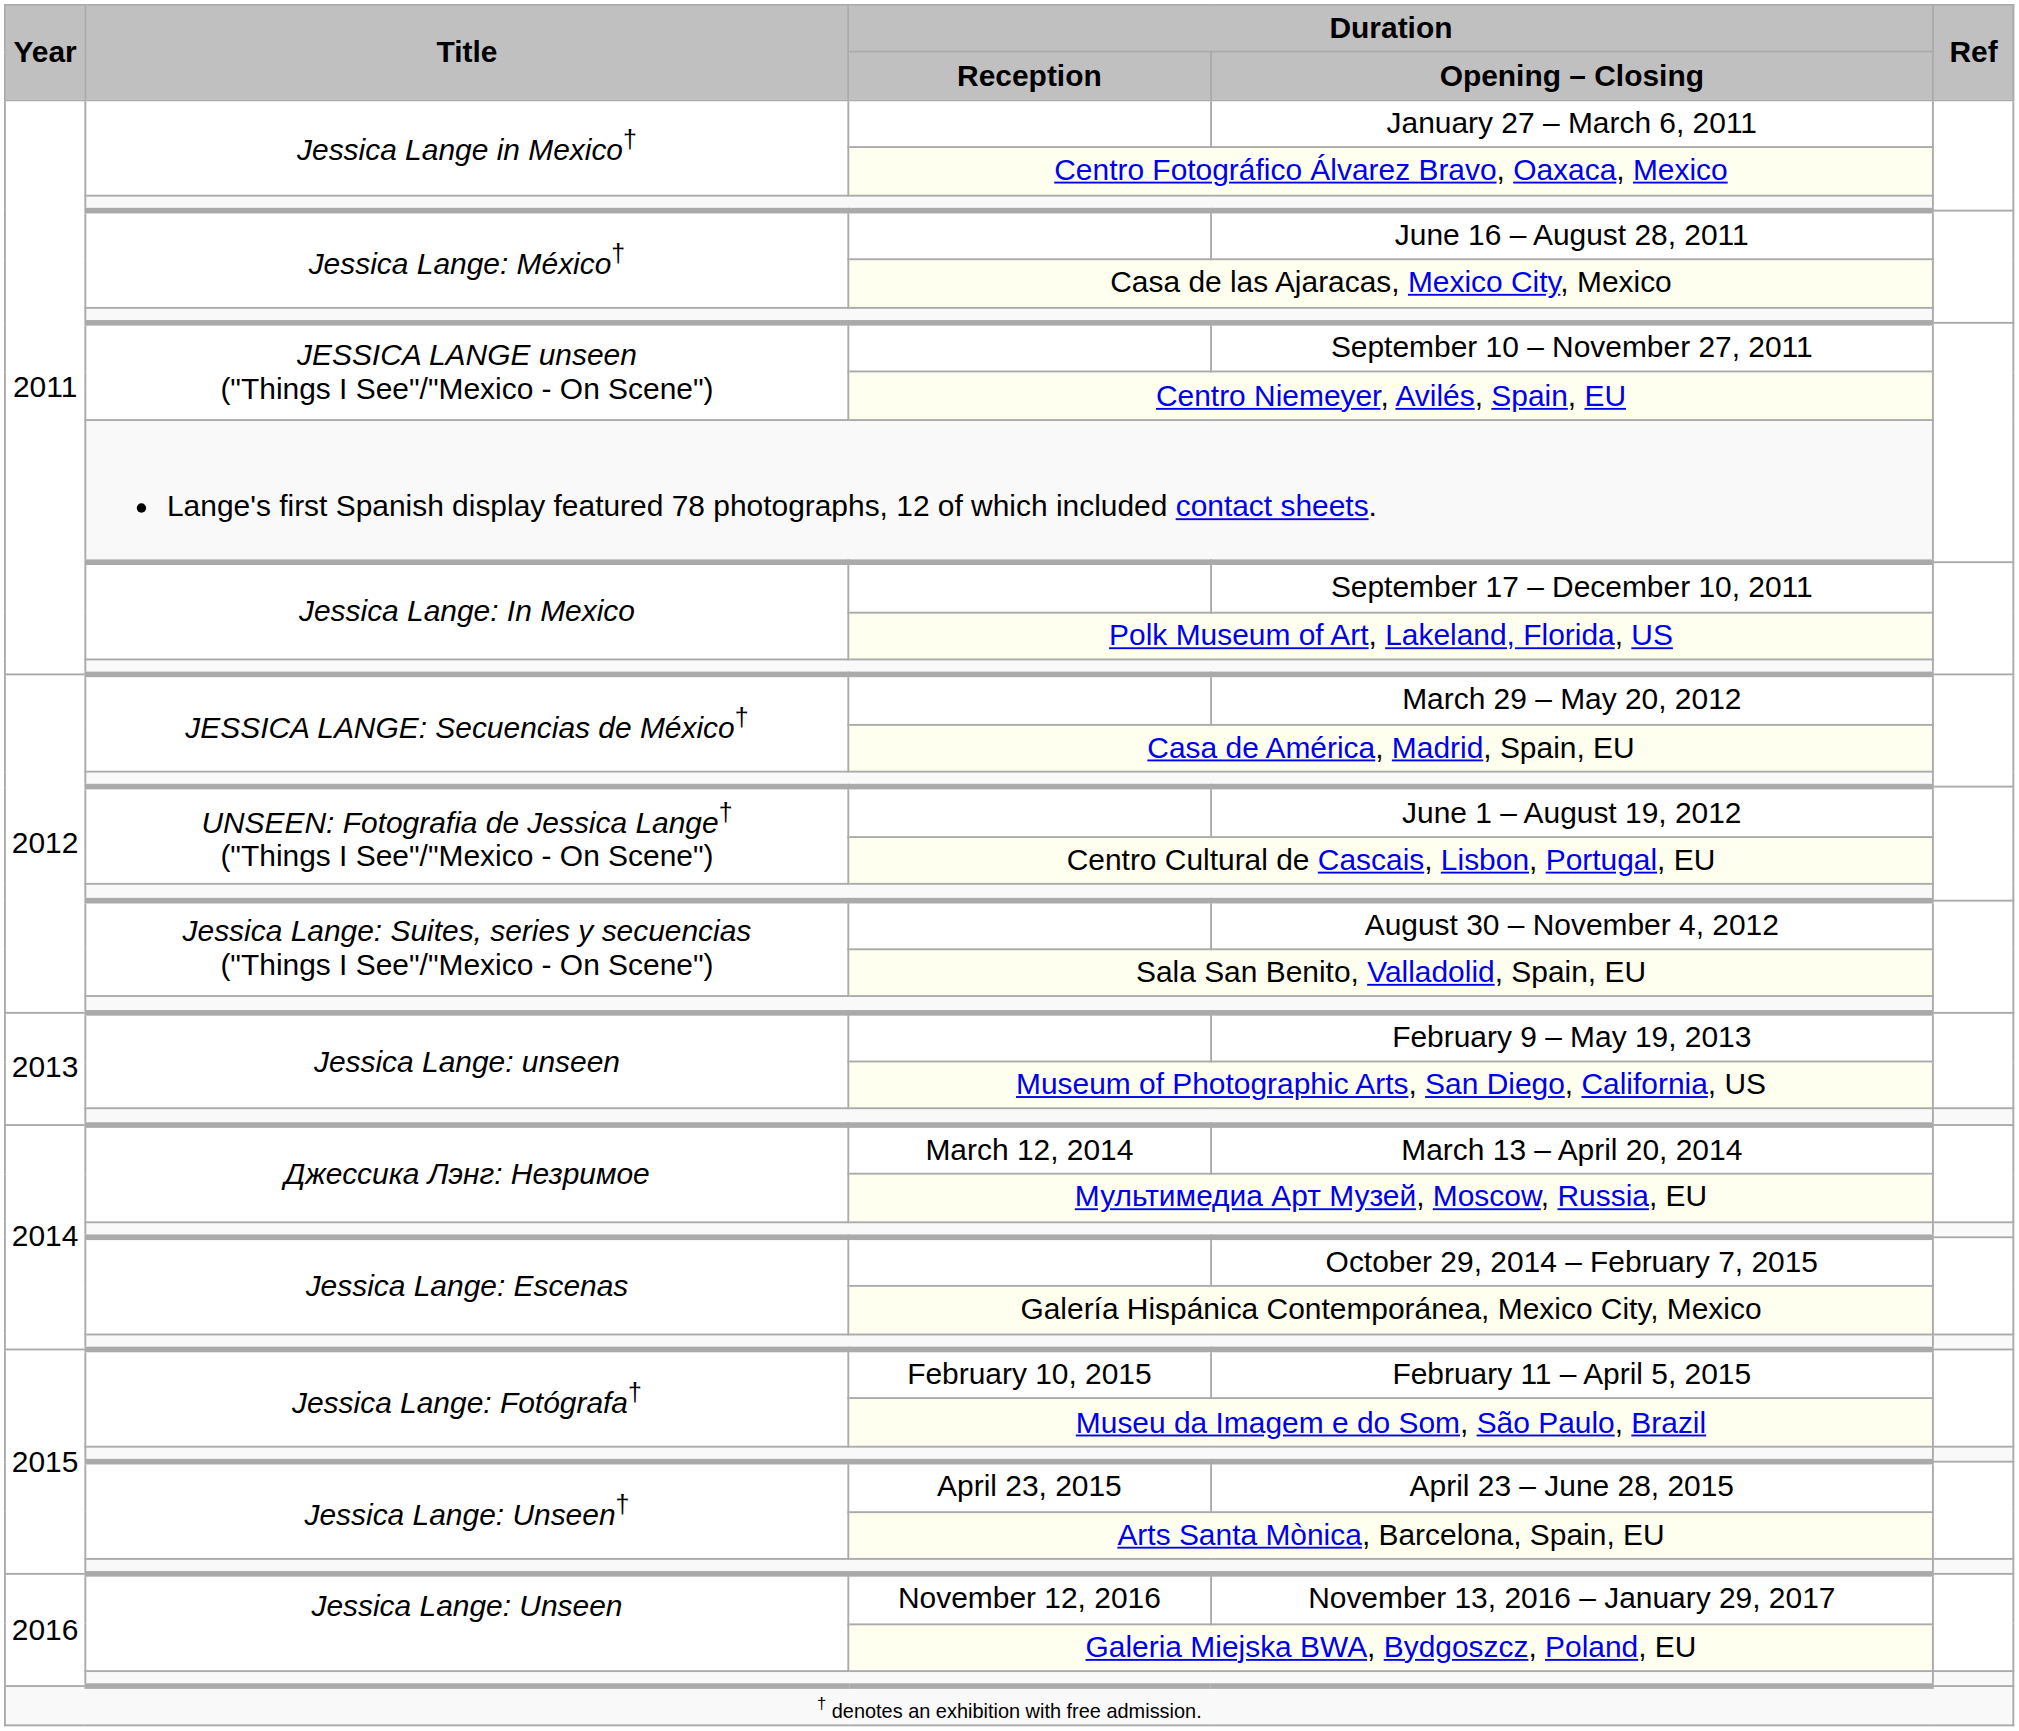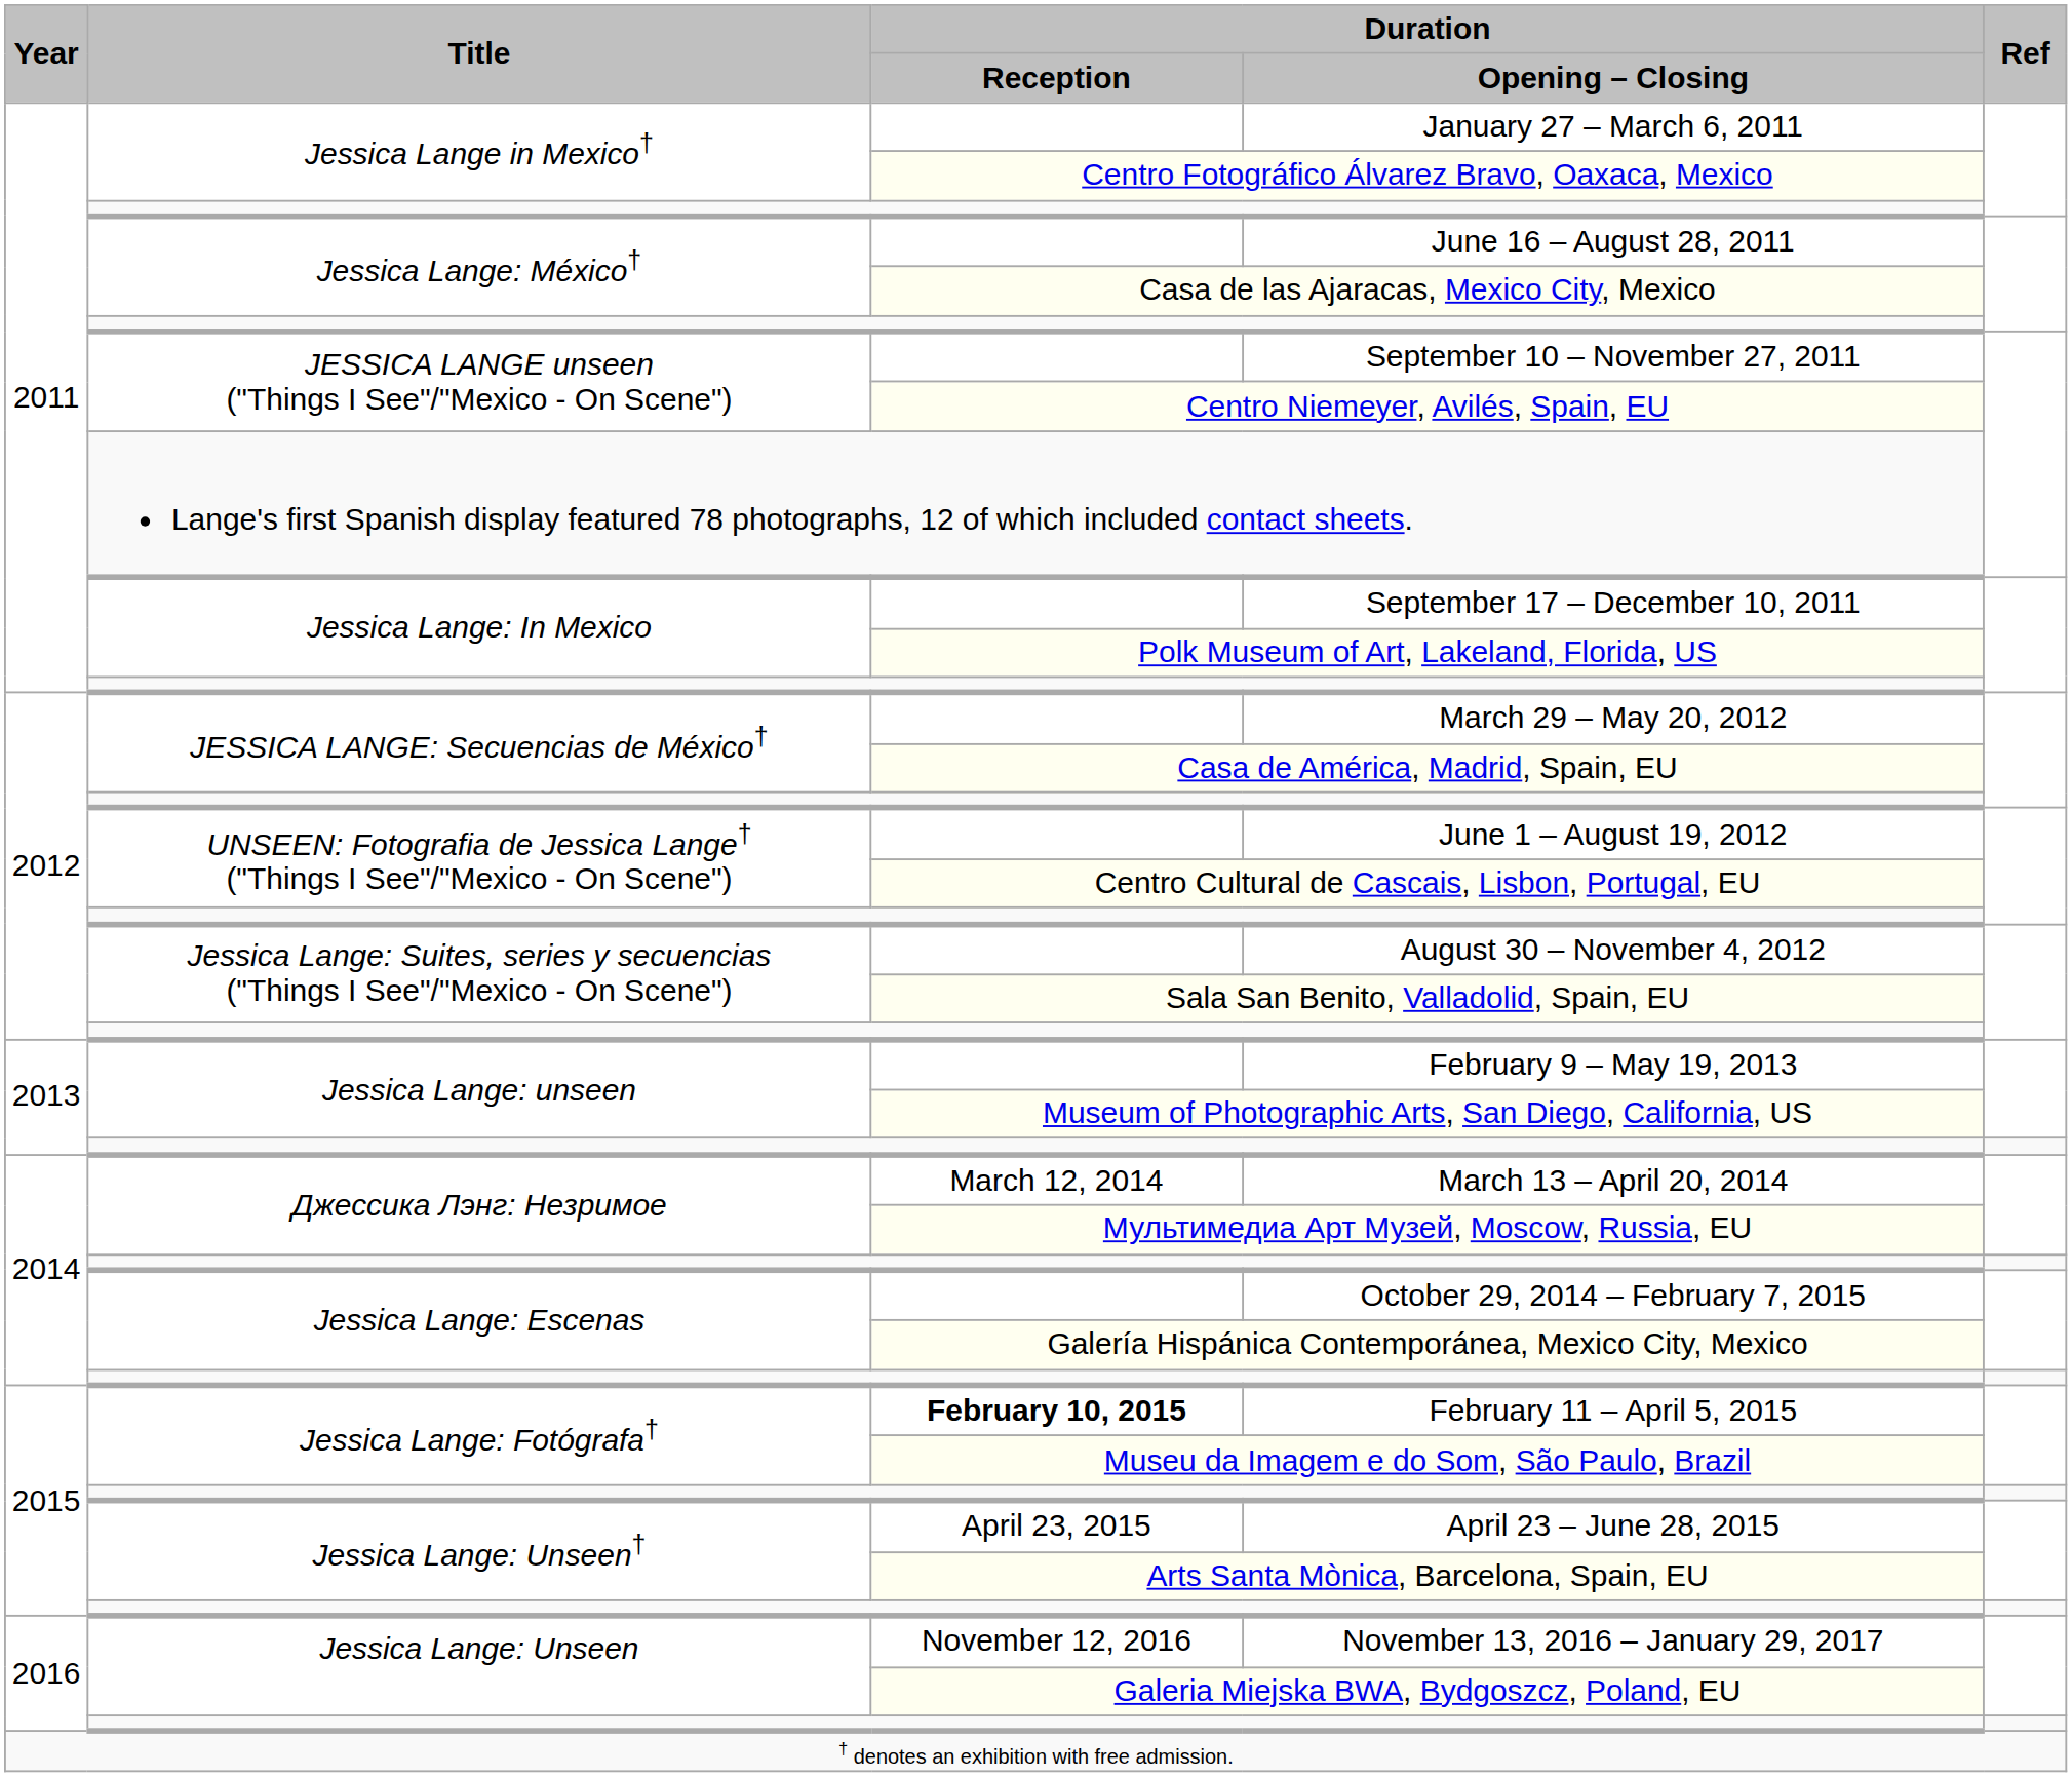 <table class="wikitable">
 <tr>
 <th rowspan=2 style=background-color:#C0C0C0 width=4%>Year</th>
 <th rowspan=2 style=background-color:#C0C0C0 width=38%>Title</th>
 <th colspan=2 style=background-color:#C0C0C0 width=54%>Duration</th>
 <th rowspan=2 style=background-color:#C0C0C0 width=4%>Ref</th>
 </tr>
 <tr>
 <th style=background-color:#C0C0C0 width=18%>Reception</th>
 <th style=background-color:#C0C0C0 width=36%>Opening – Closing</th>
 </tr>
 <tr>
 <td rowspan=12 align=center style=background:white>2011</td>
 <td rowspan=2 align=center style=background:white><em>Jessica Lange in Mexico</em><sup>†</sup></td>
 <td align=center style=background:white></td>
 <td align=center style=background:white>January 27 – March 6, 2011</td>
 <td rowspan=3 align=center style=background:white width=4%><br></td>
 </tr>
 <tr>
 <td colspan=2 align=center style=background-color:#FFFFF0><a href='#'>Centro Fotográfico Álvarez Bravo</a>, <a href='#'>Oaxaca</a>, <a href='#'>Mexico</a></td>
 </tr>
 <tr>
 <td colspan=3 style=border-bottom-width:3px padding:5px width=92%></td>
 </tr>
 <tr>
 <td rowspan=2 align=center style=background:white><em>Jessica Lange: México</em><sup>†</sup></td>
 <td align=center style=background:white></td>
 <td align=center style=background:white>June 16 – August 28, 2011</td>
 <td rowspan=3 align=center style=background:white width=4%></td>
 </tr>
 <tr>
 <td colspan=2 align=center style=background-color:#FFFFF0>Casa de las Ajaracas, <a href='#'>Mexico City</a>, Mexico</td>
 </tr>
 <tr>
 <td colspan=3 style=border-bottom-width:3px padding:5px width=92%></td>
 </tr>
 <tr>
 <td rowspan=2 align=center style=background:white><em>JESSICA LANGE unseen</em> <br>("Things I See"/"Mexico - On Scene")</td>
 <td align=center style=background:white></td>
 <td align=center style=background:white>September 10 – November 27, 2011</td>
 <td rowspan=3 align=center style=background:white width=4%><br></td>
 </tr>
 <tr>
 <td colspan=2 align=center style=background-color:#FFFFF0><a href='#'>Centro Niemeyer</a>, <a href='#'>Avilés</a>, <a href='#'>Spain</a>, <a href='#'>EU</a></td>
 </tr>
 <tr>
 <td colspan=3 style=border-bottom-width:3px padding:5px width=92%><br><ul><li>Lange's first Spanish display featured 78 photographs, 12 of which included <a href='#'>contact sheets</a>.</li></ul></td>
 </tr>
 <tr>
 <td rowspan=2 align=center style=background:white><em>Jessica Lange: In Mexico</em></td>
 <td align=center style=background:white></td>
 <td align=center style=background:white>September 17 – December 10, 2011</td>
 <td rowspan=3 align=center style=background:white width=4%></td>
 </tr>
 <tr>
 <td colspan=2 align=center style=background-color:#FFFFF0><a href='#'>Polk Museum of Art</a>, <a href='#'>Lakeland, Florida</a>, <a href='#'>US</a></td>
 </tr>
 <tr>
 <td colspan=3 style=border-bottom-width:3px padding:5px width=92%></td>
 </tr>
 <tr>
 <td rowspan=9 align=center style=background:white>2012</td>
 <td rowspan=2 align=center style=background:white><em>JESSICA LANGE: Secuencias de México</em><sup>†</sup></td>
 <td align=center style=background:white></td>
 <td align=center style=background:white>March 29 – May 20, 2012</td>
 <td rowspan=3 align=center style=background:white width=4%><br></td>
 </tr>
 <tr>
 <td colspan=2 align=center style=background-color:#FFFFF0><a href='#'>Casa de América</a>, <a href='#'>Madrid</a>, Spain, EU</td>
 </tr>
 <tr>
 <td colspan=3 style=border-bottom-width:3px padding:5px width=92%></td>
 </tr>
 <tr>
 <td rowspan=2 align=center style=background:white><em>UNSEEN: Fotografia de Jessica Lange</em><sup>†</sup> <br>("Things I See"/"Mexico - On Scene")</td>
 <td align=center style=background:white></td>
 <td align=center style=background:white>June 1 – August 19, 2012</td>
 <td rowspan=3 align=center style=background:white width=4%><br><br></td>
 </tr>
 <tr>
 <td colspan=2 align=center style=background-color:#FFFFF0>Centro Cultural de <a href='#'>Cascais</a>, <a href='#'>Lisbon</a>, <a href='#'>Portugal</a>, EU</td>
 </tr>
 <tr>
 <td colspan=3 style=border-bottom-width:3px padding:5px width=92%></td>
 </tr>
 <tr>
 <td rowspan=2 align=center style=background:white><em>Jessica Lange: Suites, series y secuencias</em> <br>("Things I See"/"Mexico - On Scene")</td>
 <td align=center style=background:white></td>
 <td align=center style=background:white>August 30 – November 4, 2012</td>
 <td rowspan=3 align=center style=background:white width=4%><br></td>
 </tr>
 <tr>
 <td colspan=2 align=center style=background-color:#FFFFF0>Sala San Benito, <a href='#'>Valladolid</a>, Spain, EU</td>
 </tr>
 <tr>
 <td colspan=3 style=border-bottom-width:3px padding:5px width=92%></td>
 </tr>
 <tr>
 <td rowspan=3 align=center style=background:white>2013</td>
 <td rowspan=2 align=center style=background:white><em>Jessica Lange: unseen</em></td>
 <td align=center style=background:white></td>
 <td align=center style=background:white>February 9 – May 19, 2013</td>
 <td rowspan=2 align=center style=background:white width=4%></td>
 </tr>
 <tr>
 <td colspan=2 align=center style=background-color:#FFFFF0><a href='#'>Museum of Photographic Arts</a>, <a href='#'>San Diego</a>, <a href='#'>California</a>, US</td>
 </tr>
 <tr>
 <td colspan=3 style=border-bottom-width:3px padding:5px width=92%></td>
 </tr>
 <tr>
 <td rowspan=6 align=center style=background:white>2014</td>
 <td rowspan=2 align=center style=background:white><em>Джессика Лэнг: Незримое</em></td>
 <td align=center style=background:white>March 12, 2014</td>
 <td align=center style=background:white>March 13 – April 20, 2014</td>
 <td rowspan=2 align=center style=background:white width=4%></td>
 </tr>
 <tr>
 <td colspan=2 align=center style=background-color:#FFFFF0><a href='#'>Мультимедиа Арт Музей</a>, <a href='#'>Moscow</a>, <a href='#'>Russia</a>, EU</td>
 </tr>
 <tr>
 <td colspan=3 style=border-bottom-width:3px padding:5px width=92%></td>
 </tr>
 <tr>
 <td rowspan=2 align=center style=background:white><em>Jessica Lange: Escenas</em></td>
 <td align=center style=background:white></td>
 <td align=center style=background:white>October 29, 2014 – February 7, 2015</td>
 <td rowspan=2 align=center style=background:white width=4%></td>
 </tr>
 <tr>
 <td colspan=2 align=center style=background-color:#FFFFF0>Galería Hispánica Contemporánea, Mexico City, Mexico</td>
 </tr>
 <tr>
 <td colspan=3 style=border-bottom-width:3px padding:5px width=92%></td>
 </tr>
 <tr>
 <td rowspan=6 align=center style=background:white>2015</td>
 <td rowspan=2 align=center style=background:white><em>Jessica Lange: Fotógrafa</em><sup>†</sup></td>
-<td align=center style=background:white>February 10, 2015</td>
+<td align=center style=background:white><strong>February 10, 2015</strong></td>
 <td align=center style=background:white>February 11 – April 5, 2015</td>
 <td rowspan=2 align=center style=background:white width=4%></td>
 </tr>
 <tr>
 <td colspan=2 align=center style=background-color:#FFFFF0><a href='#'>Museu da Imagem e do Som</a>, <a href='#'>São Paulo</a>, <a href='#'>Brazil</a></td>
 </tr>
 <tr>
 <td colspan=3 style=border-bottom-width:3px padding:5px width=92%></td>
 </tr>
 <tr>
 <td rowspan=2 align=center style=background:white><em>Jessica Lange: Unseen</em><sup>†</sup></td>
 <td align=center style=background:white>April 23, 2015</td>
 <td align=center style=background:white>April 23 – June 28, 2015</td>
 <td rowspan=2 align=center style=background:white width=4%></td>
 </tr>
 <tr>
 <td colspan=2 align=center style=background-color:#FFFFF0><a href='#'>Arts Santa Mònica</a>, Barcelona, Spain, EU</td>
 </tr>
 <tr>
 <td colspan=3 style=border-bottom-width:3px padding:5px width=92%></td>
 </tr>
 <tr>
 <td rowspan=3 align=center style=background:white>2016</td>
 <td rowspan=2 align=center style=background:white><em>Jessica Lange: Unseen</em> <br><br></td>
 <td align=center style=background:white>November 12, 2016</td>
 <td align=center style=background:white>November 13, 2016 – January 29, 2017</td>
 <td rowspan=2 align=center style=background:white width=4%></td>
 </tr>
 <tr>
 <td colspan=2 align=center style=background-color:#FFFFF0><a href='#'>Galeria Miejska BWA</a>, <a href='#'>Bydgoszcz</a>, <a href='#'>Poland</a>, EU</td>
 </tr>
 <tr>
 <td colspan=3 style=border-bottom-width:3px padding:5px width=92%></td>
 </tr>
 <tr>
 <td colspan=5 style=font-size:8pt align=center width=100%><sup>†</sup> denotes an exhibition with free admission.</td>
 </tr>
 </table>
